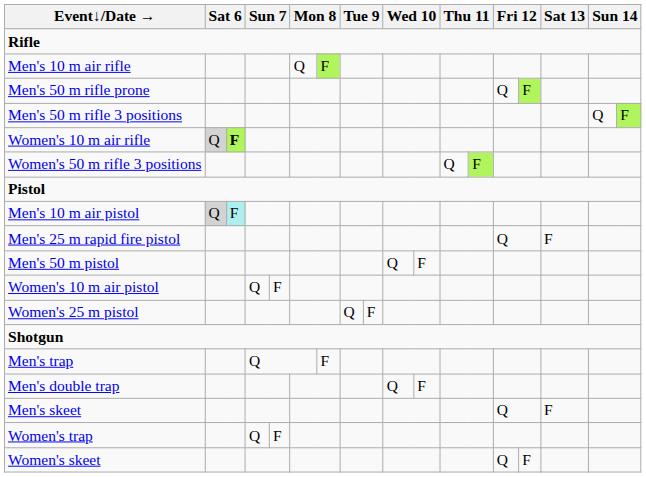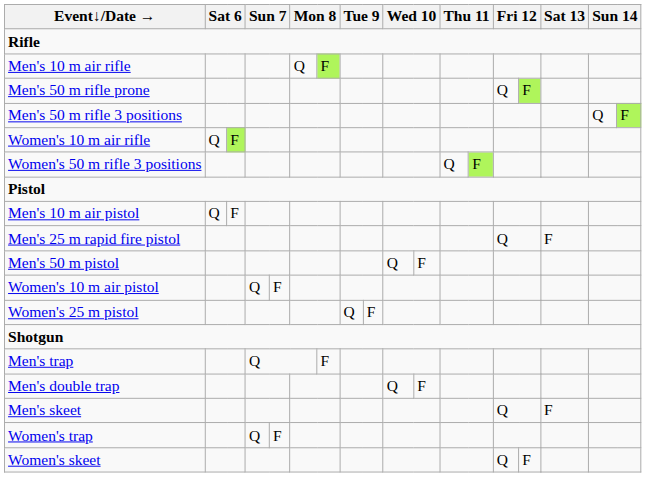 <table class="wikitable olympic-schedule shooting">
 <tr>
 <th>Event↓/Date →</th>
 <th colspan=2>Sat 6</th>
 <th colspan=2>Sun 7</th>
 <th colspan=2>Mon 8</th>
 <th colspan=2>Tue 9</th>
 <th colspan=2>Wed 10</th>
 <th colspan=2>Thu 11</th>
 <th colspan=2>Fri 12</th>
 <th colspan=2>Sat 13</th>
 <th colspan=2>Sun 14</th>
 </tr>
 <tr>
 <td colspan=19 class="event"><strong>Rifle</strong></td>
 </tr>
 <tr>
 <td class="event"><a href='#'>Men's 10 m air rifle</a></td>
 <td colspan=2></td>
 <td colspan=2></td>
 <td class="qualifiers">Q</td>
 <td style="background-color:#AFF55B;">F</td>
 <td colspan=2></td>
 <td colspan=2></td>
 <td colspan=2></td>
 <td colspan=2></td>
 <td colspan=2></td>
 <td colspan=2></td>
 </tr>
 <tr>
 <td class="event"><a href='#'>Men's 50 m rifle prone</a></td>
 <td colspan=2></td>
 <td colspan=2></td>
 <td colspan=2></td>
 <td colspan=2></td>
 <td colspan=2></td>
 <td colspan=2></td>
 <td class="qualifiers">Q</td>
 <td style="background-color:#AFF55B;">F</td>
 <td colspan=2></td>
 <td colspan=2></td>
 </tr>
 <tr>
 <td class="event"><a href='#'>Men's 50 m rifle 3 positions</a></td>
 <td colspan=2></td>
 <td colspan=2></td>
 <td colspan=2></td>
 <td colspan=2></td>
 <td colspan=2></td>
 <td colspan=2></td>
 <td colspan=2></td>
 <td colspan=2></td>
 <td class="qualifiers">Q</td>
 <td style="background-color:#AFF55B;">F</td>
 </tr>
 <tr>
 <td class="event"><a href='#'>Women's 10 m air rifle</a></td>
-<td class="qualifiers" style="background: lightgrey;">Q</td>
-<td style="background-color:#AFF55B;"><strong>F</strong></td>
+<td class="qualifiers">Q</td>
+<td style="background-color:#AFF55B;">F</td>
 <td colspan=2></td>
 <td colspan=2></td>
 <td colspan=2></td>
 <td colspan=2></td>
 <td colspan=2></td>
 <td colspan=2></td>
 <td colspan=2></td>
 <td colspan=2></td>
 </tr>
 <tr>
 <td class="event"><a href='#'>Women's 50 m rifle 3 positions</a></td>
 <td colspan=2></td>
 <td colspan=2></td>
 <td colspan=2></td>
 <td colspan=2></td>
 <td colspan=2></td>
 <td class="qualifiers">Q</td>
 <td style="background-color:#AFF55B;">F</td>
 <td colspan=2></td>
 <td colspan=2></td>
 <td colspan=2></td>
 </tr>
 <tr>
 <td colspan=19 class="event"><strong>Pistol</strong></td>
 </tr>
 <tr>
 <td class="event"><a href='#'>Men's 10 m air pistol</a></td>
-<td class="qualifiers" style="background: lightgrey;">Q</td>
-<td class="final" style="background: paleturquoise;">F</td>
+<td class="qualifiers">Q</td>
+<td class="final">F</td>
 <td colspan=2></td>
 <td colspan=2></td>
 <td colspan=2></td>
 <td colspan=2></td>
 <td colspan=2></td>
 <td colspan=2></td>
 <td colspan=2></td>
 <td colspan=2></td>
 </tr>
 <tr>
 <td class="event"><a href='#'>Men's 25 m rapid fire pistol</a></td>
 <td colspan=2></td>
 <td colspan=2></td>
 <td colspan=2></td>
 <td colspan=2></td>
 <td colspan=2></td>
 <td colspan=2></td>
 <td colspan=3 class="qualifiers">Q</td>
 <td class="final">F</td>
 <td colspan=2></td>
 </tr>
 <tr>
 <td class="event"><a href='#'>Men's 50 m pistol</a></td>
 <td colspan=2></td>
 <td colspan=2></td>
 <td colspan=2></td>
 <td colspan=2></td>
 <td class="qualifiers">Q</td>
 <td class="final">F</td>
 <td colspan=2></td>
 <td colspan=2></td>
 <td colspan=2></td>
 <td colspan=2></td>
 </tr>
 <tr>
 <td class="event"><a href='#'>Women's 10 m air pistol</a></td>
 <td colspan=2></td>
 <td class="qualifiers">Q</td>
 <td class="final">F</td>
 <td colspan=2></td>
 <td colspan=2></td>
 <td colspan=2></td>
 <td colspan=2></td>
 <td colspan=2></td>
 <td colspan=2></td>
 <td colspan=2></td>
 </tr>
 <tr>
 <td class="event"><a href='#'>Women's 25 m pistol</a></td>
 <td colspan=2></td>
 <td colspan=2></td>
 <td colspan=2></td>
 <td class="qualifiers">Q</td>
 <td class="final">F</td>
 <td colspan=2></td>
 <td colspan=2></td>
 <td colspan=2></td>
 <td colspan=2></td>
 <td colspan=2></td>
 </tr>
 <tr>
 <td colspan=19 class="event"><strong>Shotgun</strong></td>
 </tr>
 <tr>
 <td class="event"><a href='#'>Men's trap</a></td>
 <td colspan=2></td>
 <td colspan=3 class="qualifiers">Q</td>
 <td class="final">F</td>
 <td colspan=2></td>
 <td colspan=2></td>
 <td colspan=2></td>
 <td colspan=2></td>
 <td colspan=2></td>
 <td colspan=2></td>
 </tr>
 <tr>
 <td class="event"><a href='#'>Men's double trap</a></td>
 <td colspan=2></td>
 <td colspan=2></td>
 <td colspan=2></td>
 <td colspan=2></td>
 <td class="qualifiers">Q</td>
 <td class="final">F</td>
 <td colspan=2></td>
 <td colspan=2></td>
 <td colspan=2></td>
 <td colspan=2></td>
 </tr>
 <tr>
 <td class="event"><a href='#'>Men's skeet</a></td>
 <td colspan=2></td>
 <td colspan=2></td>
 <td colspan=2></td>
 <td colspan=2></td>
 <td colspan=2></td>
 <td colspan=2></td>
 <td colspan=3 class="qualifiers">Q</td>
 <td class="final">F</td>
 <td colspan=2></td>
 </tr>
 <tr>
 <td class="event"><a href='#'>Women's trap</a></td>
 <td colspan=2></td>
 <td class="qualifiers">Q</td>
 <td class="final">F</td>
 <td colspan=2></td>
 <td colspan=2></td>
 <td colspan=2></td>
 <td colspan=2></td>
 <td colspan=2></td>
 <td colspan=2></td>
 <td colspan=2></td>
 </tr>
 <tr>
 <td class="event"><a href='#'>Women's skeet</a></td>
 <td colspan=2></td>
 <td colspan=2></td>
 <td colspan=2></td>
 <td colspan=2></td>
 <td colspan=2></td>
 <td colspan=2></td>
 <td class="qualifiers">Q</td>
 <td class="final">F</td>
 <td colspan=2></td>
 <td colspan=2></td>
 </tr>
 </table>
